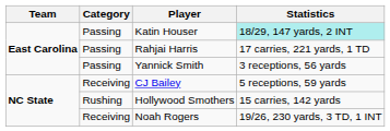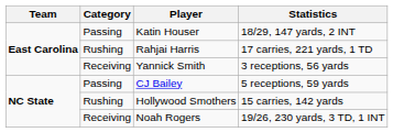 <table class="wikitable" style="float: right;">
 <tr>
 <th>Team</th>
 <th>Category</th>
 <th>Player</th>
 <th>Statistics</th>
 </tr>
 <tr>
 <td rowspan=3><strong>East Carolina</strong></td>
 <td>Passing</td>
 <td>Katin Houser</td>
-<td style="background: paleturquoise;">18/29, 147 yards, 2 INT</td>
+<td>18/29, 147 yards, 2 INT</td>
 </tr>
 <tr>
-<td>Passing</td>
+<td>Rushing</td>
 <td>Rahjai Harris</td>
 <td>17 carries, 221 yards, 1 TD</td>
 </tr>
 <tr>
-<td>Passing</td>
+<td>Receiving</td>
 <td>Yannick Smith</td>
 <td>3 receptions, 56 yards</td>
 </tr>
 <tr>
 <td rowspan=3><strong>NC State</strong></td>
-<td>Receiving</td>
+<td>Passing</td>
 <td><a href='#'>CJ Bailey</a></td>
 <td>5 receptions, 59 yards</td>
 </tr>
 <tr>
 <td>Rushing</td>
 <td>Hollywood Smothers</td>
 <td>15 carries, 142 yards</td>
 </tr>
 <tr>
 <td>Receiving</td>
 <td>Noah Rogers</td>
 <td>19/26, 230 yards, 3 TD, 1 INT</td>
 </tr>
 </table>
